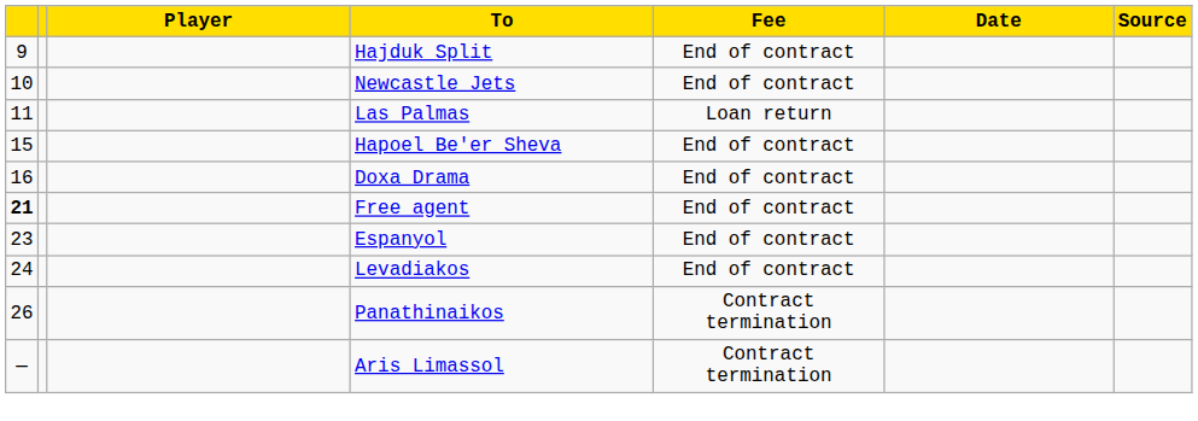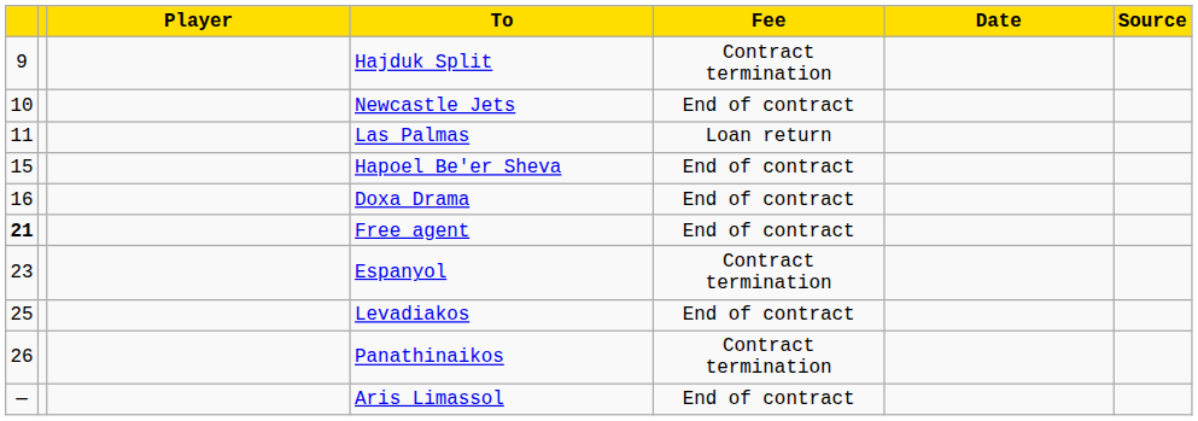 <table class="wikitable sortable">
 <tr>
 <th style="background:#FFDE00"></th>
 <th style="background:#FFDE00"></th>
 <th width=200 style="background:#FFDE00">Player</th>
 <th width=200 style="background:#FFDE00">To</th>
 <th width=150 style="background:#FFDE00">Fee</th>
 <th width=150 style="background:#FFDE00">Date</th>
 <th style="background:#FFDE00">Source</th>
 </tr>
 <tr>
 <td align=center>9</td>
 <td align=center></td>
 <td></td>
 <td> <a href='#'>Hajduk Split</a></td>
-<td align=center>End of contract</td>
+<td align=center>Contract termination</td>
 <td align=center></td>
 <td align=center></td>
 </tr>
 <tr>
 <td align=center>10</td>
 <td align=center></td>
 <td></td>
 <td> <a href='#'>Newcastle Jets</a></td>
 <td align=center>End of contract</td>
 <td align=center></td>
 <td align=center></td>
 </tr>
 <tr>
 <td align=center>11</td>
 <td align=center></td>
 <td></td>
 <td> <a href='#'>Las Palmas</a></td>
 <td align=center>Loan return</td>
 <td align=center></td>
 <td align=center></td>
 </tr>
 <tr>
 <td align=center>15</td>
 <td align=center></td>
 <td></td>
 <td> <a href='#'>Hapoel Be'er Sheva</a></td>
 <td align=center>End of contract</td>
 <td align=center></td>
 <td align=center></td>
 </tr>
 <tr>
 <td align=center>16</td>
 <td align=center></td>
 <td></td>
 <td> <a href='#'>Doxa Drama</a></td>
 <td align=center>End of contract</td>
 <td align=center></td>
 <td align=center></td>
 </tr>
 <tr>
 <td align=center><strong>21</strong></td>
 <td align=center></td>
 <td></td>
 <td><a href='#'>Free agent</a></td>
 <td align=center>End of contract</td>
 <td align=center></td>
 <td align=center></td>
 </tr>
 <tr>
 <td align=center>23</td>
 <td align=center></td>
 <td></td>
 <td> <a href='#'>Espanyol</a></td>
-<td align=center>End of contract</td>
+<td align=center>Contract termination</td>
 <td align=center></td>
 <td align=center></td>
 </tr>
 <tr>
-<td align=center>24</td>
+<td align=center>25</td>
 <td align=center></td>
 <td></td>
 <td> <a href='#'>Levadiakos</a></td>
 <td align=center>End of contract</td>
 <td align=center></td>
 <td align=center></td>
 </tr>
 <tr>
 <td align=center>26</td>
 <td align=center></td>
 <td></td>
 <td> <a href='#'>Panathinaikos</a></td>
 <td align=center>Contract termination</td>
 <td align=center></td>
 <td align=center></td>
 </tr>
 <tr>
 <td align=center>—</td>
 <td align=center></td>
 <td></td>
 <td> <a href='#'>Aris Limassol</a></td>
-<td align=center>Contract termination</td>
+<td align=center>End of contract</td>
 <td align=center></td>
 <td align=center></td>
 </tr>
 </table>
